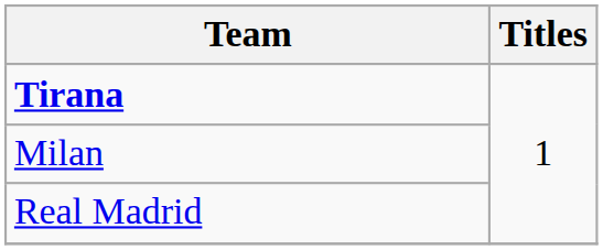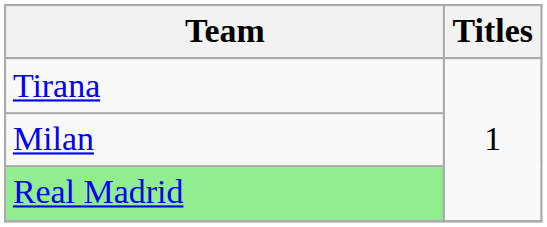 <table class="wikitable">
 <tr>
 <th style="width:200px;">Team</th>
 <th>Titles</th>
 </tr>
 <tr>
-<td><strong> <a href='#'>Tirana</a></strong></td>
+<td> <a href='#'>Tirana</a></td>
 <td rowspan="3" style="text-align:center;">1</td>
 </tr>
 <tr>
 <td> <a href='#'>Milan</a></td>
 </tr>
 <tr>
-<td> <a href='#'>Real Madrid</a></td>
+<td style="background: lightgreen;"> <a href='#'>Real Madrid</a></td>
 </tr>
 <tr>
 </tr>
 </table>
